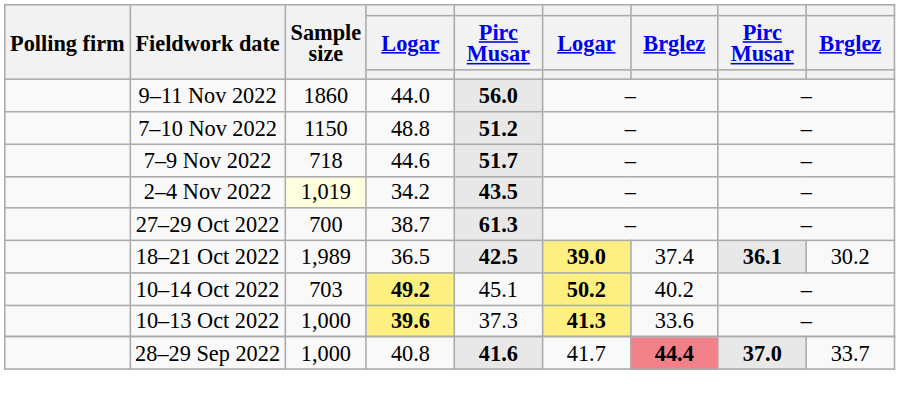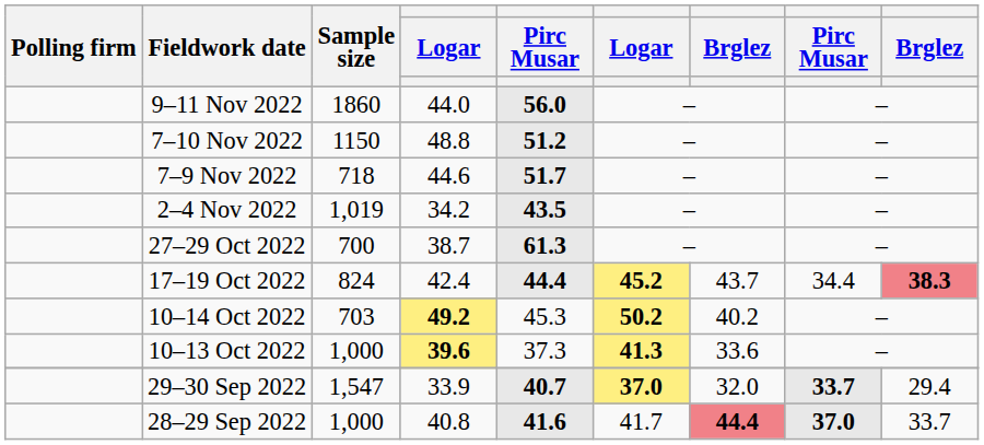 <table class="wikitable sortable tpl-blanktable" style="text-align:center;font-size:90%;line-height:14px;">
 <tr>
 <th rowspan="3">Polling firm</th>
 <th rowspan="3">Fieldwork date</th>
 <th rowspan="3">Sample<br>size</th>
 <th class="unsortable"></th>
 <th class="unsortable"></th>
 <th class="unsortable"></th>
 <th class="unsortable"></th>
 <th class="unsortable"></th>
 <th class="unsortable"></th>
 </tr>
 <tr>
 <th class="unsortable" style="width:50px;"><a href='#'>Logar</a><br></th>
 <th class="unsortable" style="width:50px;"><a href='#'>Pirc Musar</a><br></th>
 <th class="unsortable" style="width:50px;"><a href='#'>Logar</a><br></th>
 <th class="unsortable" style="width:50px;"><a href='#'>Brglez</a><br></th>
 <th class="unsortable" style="width:50px;"><a href='#'>Pirc Musar</a><br></th>
 <th class="unsortable" style="width:50px;"><a href='#'>Brglez</a><br></th>
 </tr>
 <tr>
 <th style="background:"></th>
 <th style="background:"></th>
 <th style="background:"></th>
 <th style="background:"></th>
 <th style="background:"></th>
 <th style="background:"></th>
 </tr>
 <tr>
 <td></td>
 <td>9–11 Nov 2022</td>
 <td>1860</td>
 <td>44.0</td>
 <td bgcolor=#E8E8E8><strong>56.0</strong></td>
 <td colspan="2">–</td>
 <td colspan="2">–</td>
 </tr>
 <tr>
 <td></td>
 <td>7–10 Nov 2022</td>
 <td>1150</td>
 <td>48.8</td>
 <td bgcolor=#E8E8E8><strong>51.2</strong></td>
 <td colspan="2">–</td>
 <td colspan="2">–</td>
 </tr>
 <tr>
 <td></td>
 <td>7–9 Nov 2022</td>
 <td>718</td>
 <td>44.6</td>
 <td bgcolor=#E8E8E8><strong>51.7</strong></td>
 <td colspan="2">–</td>
 <td colspan="2">–</td>
 </tr>
 <tr>
 <td></td>
 <td>2–4 Nov 2022</td>
-<td style="background: lightyellow;">1,019</td>
+<td>1,019</td>
 <td>34.2</td>
 <td bgcolor=#E8E8E8><strong>43.5</strong></td>
 <td colspan="2">–</td>
 <td colspan="2">–</td>
 </tr>
 <tr>
 <td></td>
 <td>27–29 Oct 2022</td>
 <td>700</td>
 <td>38.7</td>
 <td bgcolor=#E8E8E8><strong>61.3</strong></td>
 <td colspan="2">–</td>
 <td colspan="2">–</td>
 </tr>
 <tr>
 <td></td>
-<td>18–21 Oct 2022</td>
-<td>1,989</td>
-<td>36.5</td>
-<td bgcolor=#E8E8E8><strong>42.5</strong></td>
-<td bgcolor=#FEEF81><strong>39.0</strong></td>
-<td>37.4</td>
-<td bgcolor=#E8E8E8><strong>36.1</strong></td>
-<td>30.2</td>
+<td>17–19 Oct 2022</td>
+<td>824</td>
+<td>42.4</td>
+<td bgcolor=#E8E8E8><strong>44.4</strong></td>
+<td bgcolor=#FEEF81><strong>45.2</strong></td>
+<td>43.7</td>
+<td>34.4</td>
+<td bgcolor=#F18188><strong>38.3</strong></td>
 </tr>
 <tr>
 <td></td>
 <td>10–14 Oct 2022</td>
 <td>703</td>
 <td bgcolor=#FEEF81><strong>49.2</strong></td>
-<td>45.1</td>
+<td>45.3</td>
 <td bgcolor=#FEEF81><strong>50.2</strong></td>
 <td>40.2</td>
 <td colspan=2>–</td>
 </tr>
 <tr>
 <td></td>
 <td>10–13 Oct 2022</td>
 <td>1,000</td>
 <td bgcolor=#FEEF81><strong>39.6</strong></td>
 <td>37.3</td>
 <td bgcolor=#FEEF81><strong>41.3</strong></td>
 <td>33.6</td>
 <td colspan=2>–</td>
 </tr>
 <tr>
 </tr>
 <tr>
 <td></td>
+<td>29–30 Sep 2022</td>
+<td>1,547</td>
+<td>33.9</td>
+<td bgcolor=#E8E8E8><strong>40.7</strong></td>
+<td bgcolor=#FEEF81><strong>37.0</strong></td>
+<td>32.0</td>
+<td bgcolor=#E8E8E8><strong>33.7</strong></td>
+<td>29.4</td>
+</tr>
+<tr>
+<td></td>
 <td>28–29 Sep 2022</td>
 <td>1,000</td>
 <td>40.8</td>
 <td bgcolor=#E8E8E8><strong>41.6</strong></td>
 <td>41.7</td>
 <td bgcolor=#F18188><strong>44.4</strong></td>
 <td bgcolor=#E8E8E8><strong>37.0</strong></td>
 <td>33.7</td>
 </tr>
 </table>
